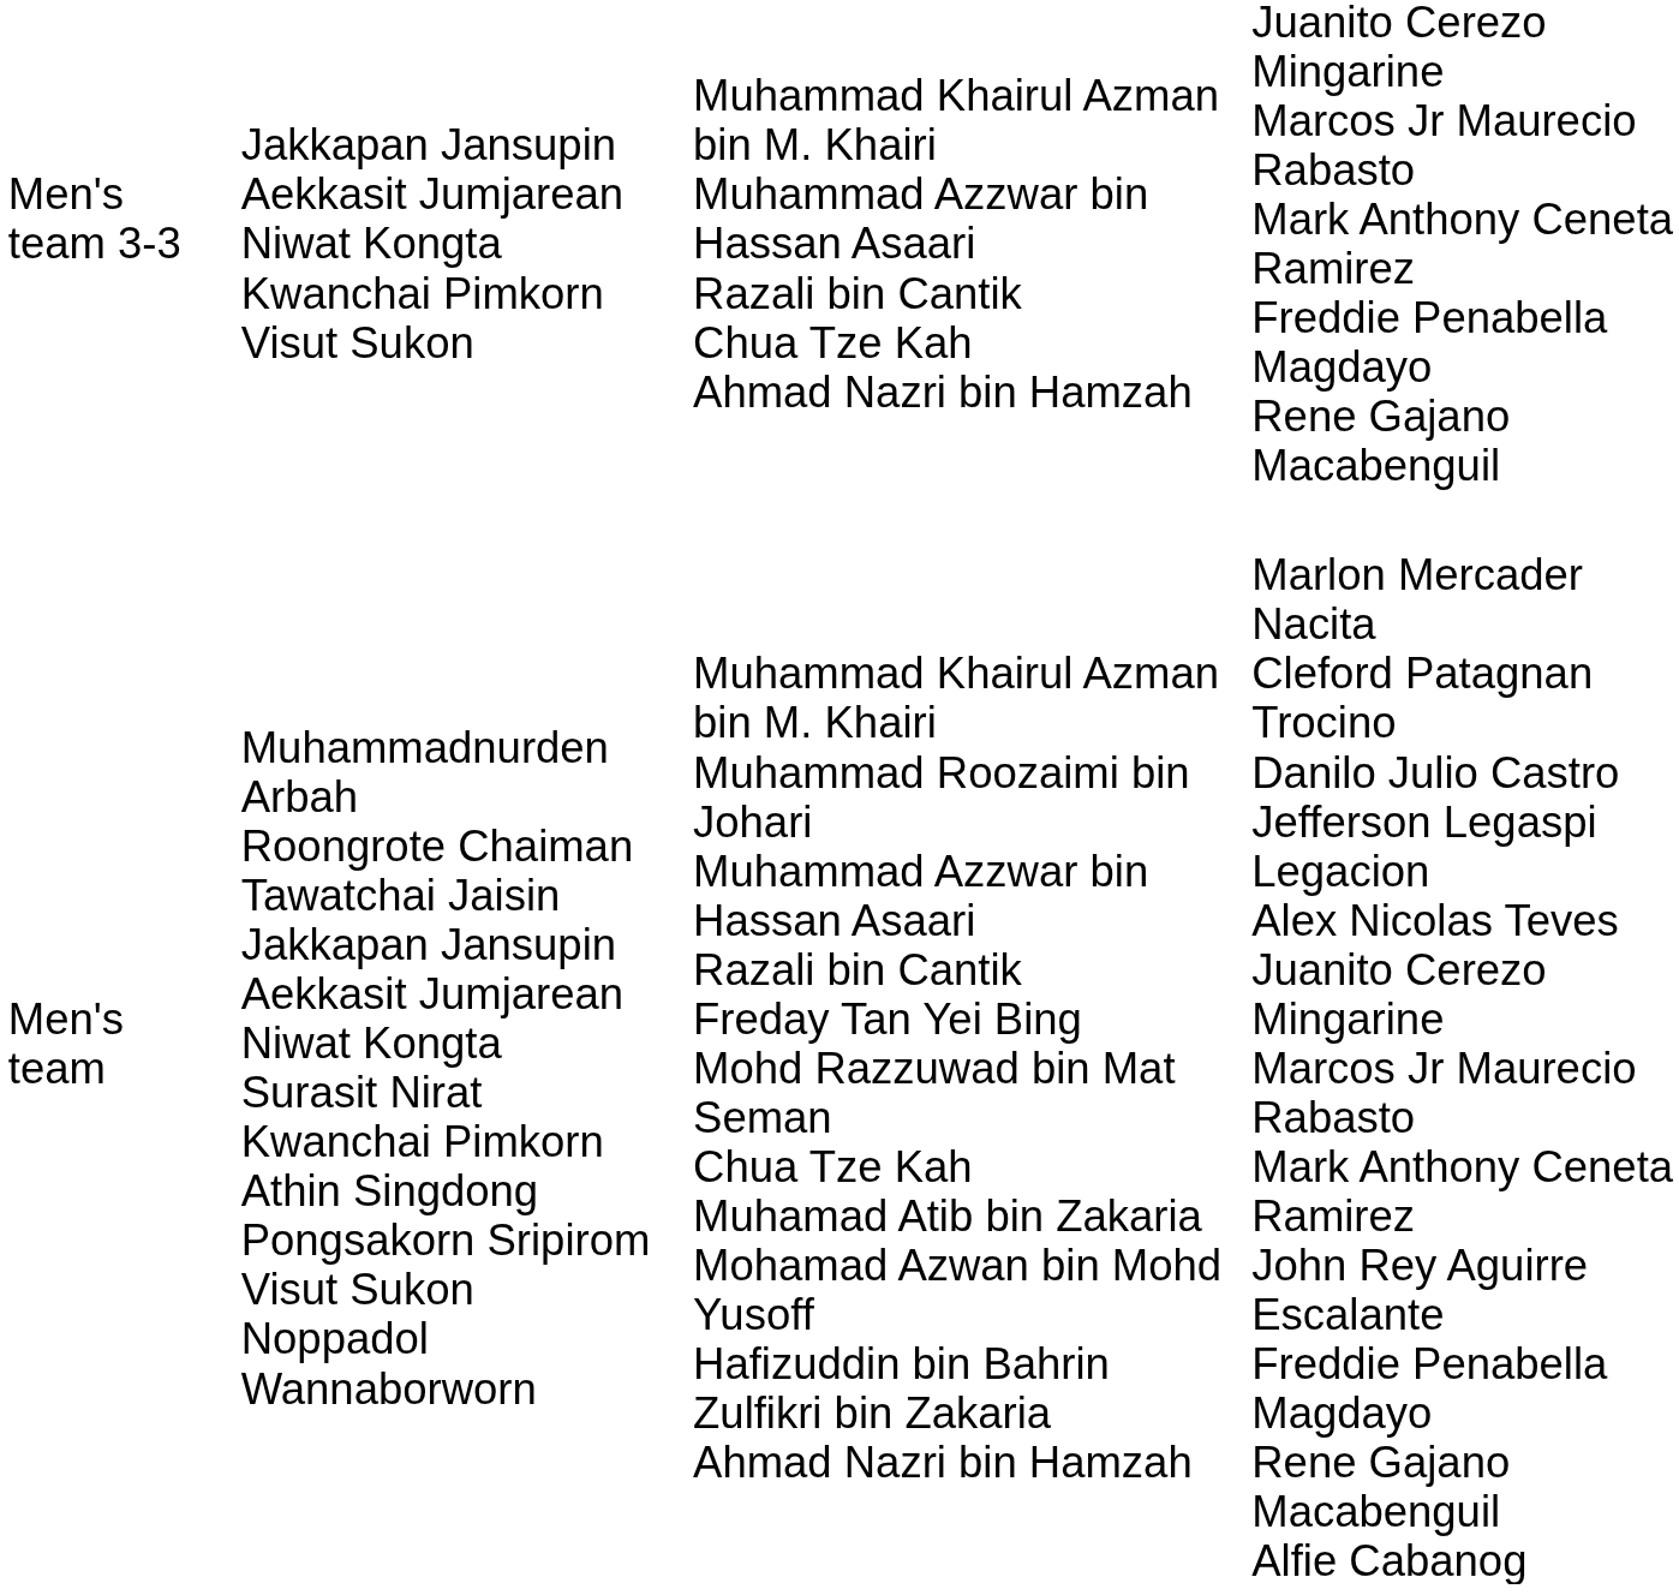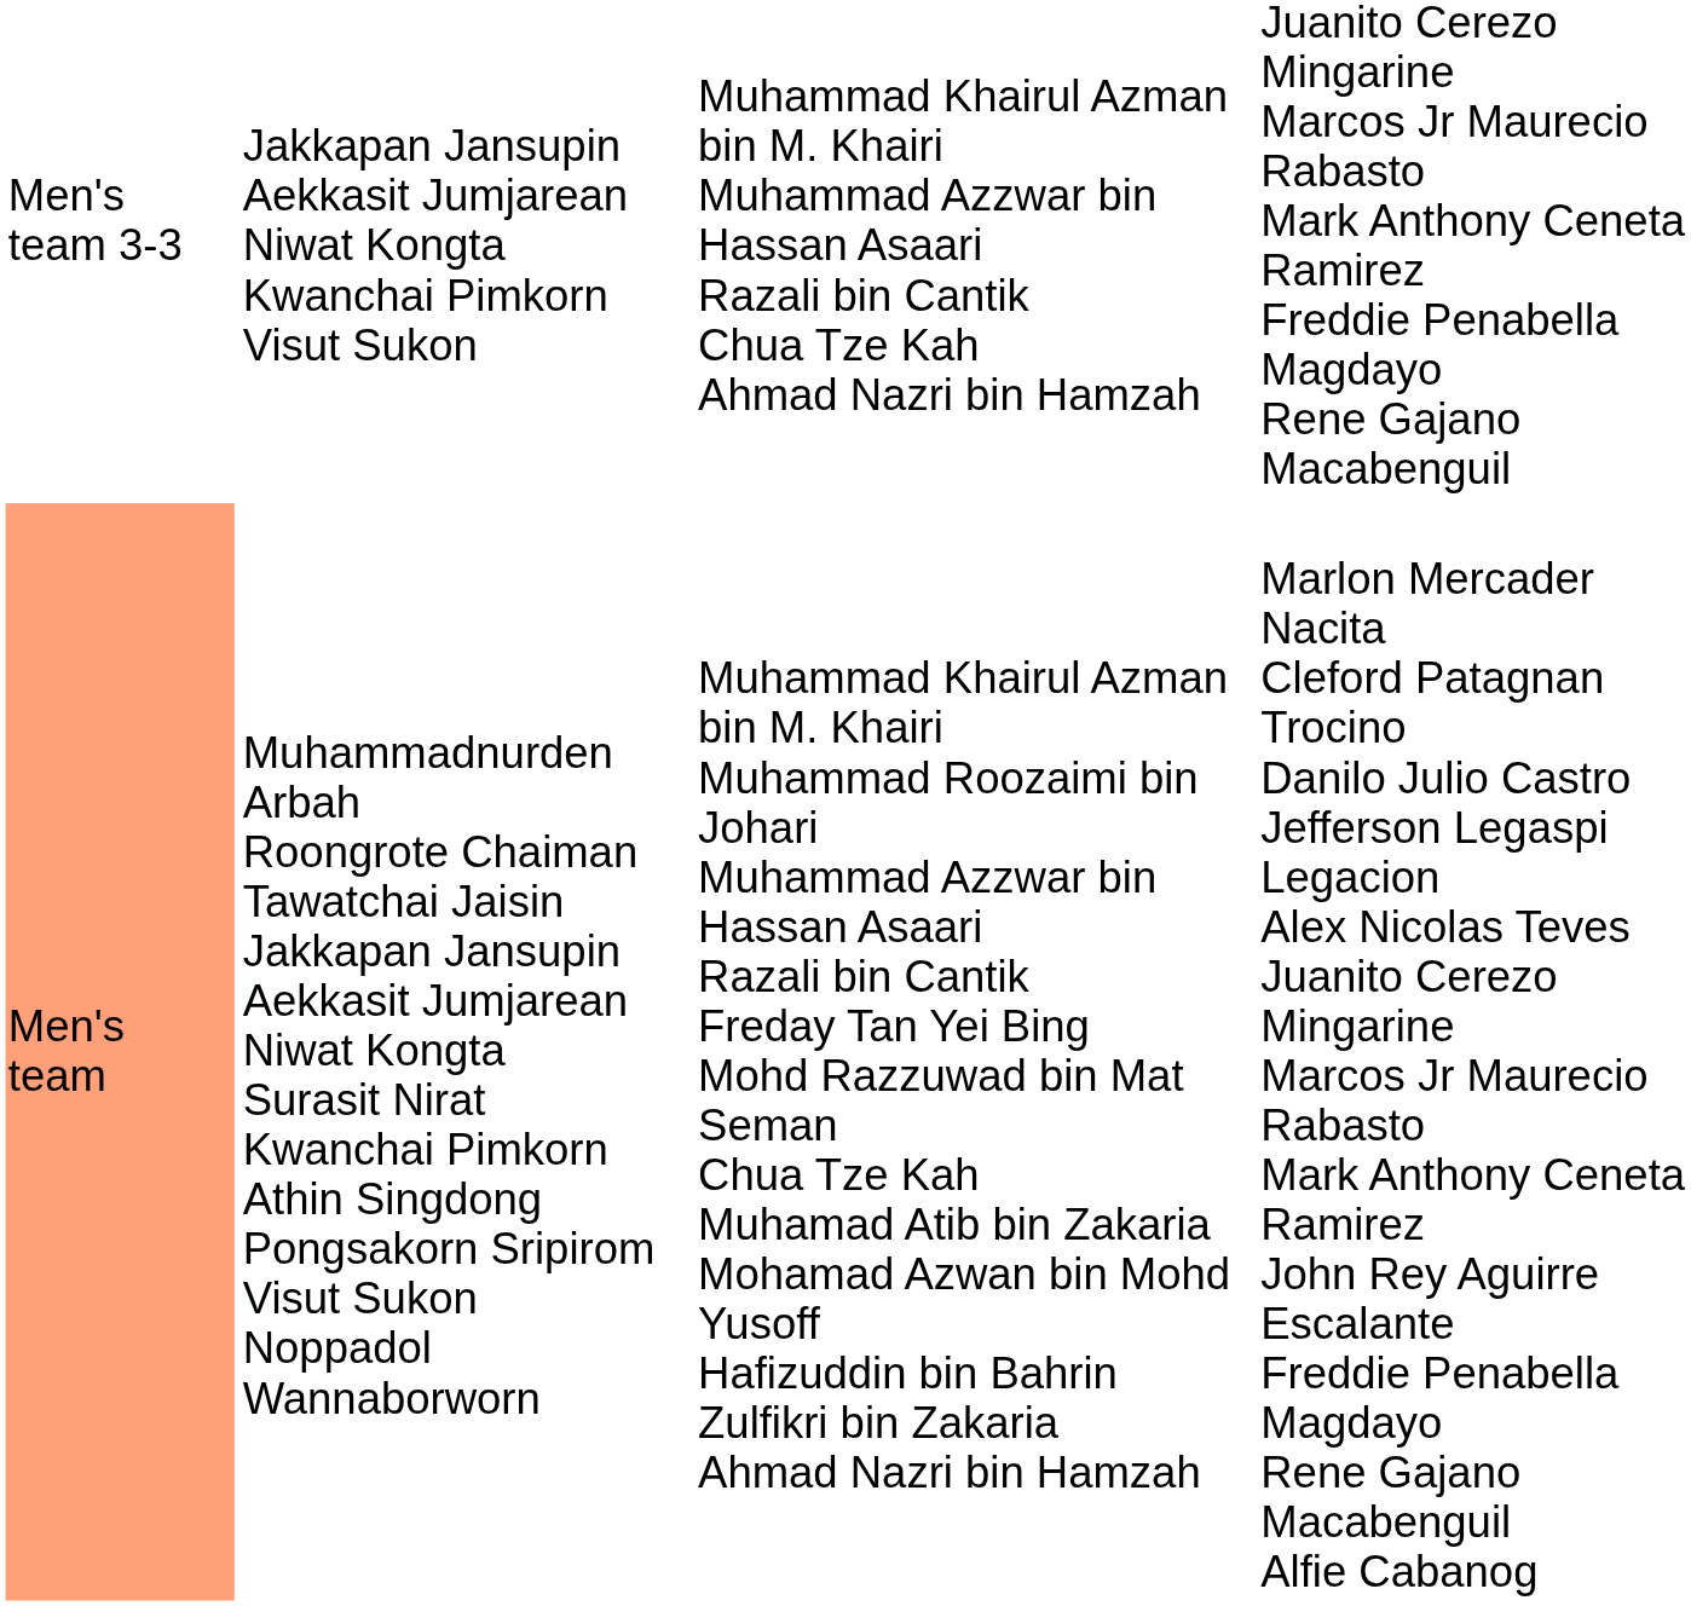 <table>
 <tr>
 <td>Men's team 3-3</td>
 <td><span><br>Jakkapan Jansupin<br>Aekkasit Jumjarean<br>Niwat Kongta<br>Kwanchai Pimkorn<br>Visut Sukon</span></td>
 <td><span><br>Muhammad Khairul Azman bin M. Khairi<br>Muhammad Azzwar bin Hassan Asaari<br>Razali bin Cantik<br>Chua Tze Kah<br>Ahmad Nazri bin Hamzah</span></td>
 <td><span><br>Juanito Cerezo Mingarine<br>Marcos Jr Maurecio Rabasto<br>Mark Anthony Ceneta Ramirez<br>Freddie Penabella Magdayo<br>Rene Gajano Macabenguil</span></td>
 </tr>
 <tr>
-<td>Men's team</td>
+<td style="background: lightsalmon;">Men's team</td>
 <td><span><br>Muhammadnurden Arbah<br>Roongrote Chaiman<br>Tawatchai Jaisin<br>Jakkapan Jansupin<br>Aekkasit Jumjarean<br>Niwat Kongta<br>Surasit Nirat<br>Kwanchai Pimkorn<br>Athin Singdong<br>Pongsakorn Sripirom<br>Visut Sukon<br>Noppadol Wannaborworn</span></td>
 <td><span><br>Muhammad Khairul Azman bin M. Khairi<br>Muhammad Roozaimi bin Johari<br>Muhammad Azzwar bin Hassan Asaari<br>Razali bin Cantik<br>Freday Tan Yei Bing<br>Mohd Razzuwad bin Mat Seman<br>Chua Tze Kah<br>Muhamad Atib bin Zakaria<br>Mohamad Azwan bin Mohd Yusoff<br>Hafizuddin bin Bahrin<br>Zulfikri bin Zakaria<br>Ahmad Nazri bin Hamzah</span></td>
 <td><span><br>Marlon Mercader Nacita<br>Cleford Patagnan Trocino<br>Danilo Julio Castro<br>Jefferson Legaspi Legacion<br>Alex Nicolas Teves<br>Juanito Cerezo Mingarine<br>Marcos Jr Maurecio Rabasto<br>Mark Anthony Ceneta Ramirez<br>John Rey Aguirre Escalante<br>Freddie Penabella Magdayo<br>Rene Gajano Macabenguil<br>Alfie Cabanog</span></td>
 </tr>
 </table>
